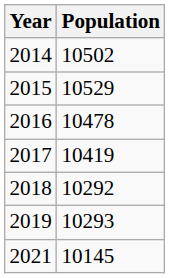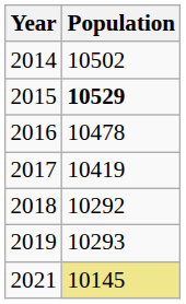 <table class="wikitable">
 <tr>
 <th>Year</th>
 <th>Population</th>
 </tr>
 <tr>
 <td>2014</td>
 <td>10502</td>
 </tr>
 <tr>
 <td>2015</td>
-<td>10529</td>
+<td><strong>10529</strong></td>
 </tr>
 <tr>
 <td>2016</td>
 <td>10478</td>
 </tr>
 <tr>
 <td>2017</td>
 <td>10419</td>
 </tr>
 <tr>
 <td>2018</td>
 <td>10292</td>
 </tr>
 <tr>
 <td>2019</td>
 <td>10293</td>
 </tr>
 <tr>
 <td>2021</td>
-<td>10145</td>
+<td style="background: khaki;">10145</td>
 </tr>
 </table>
